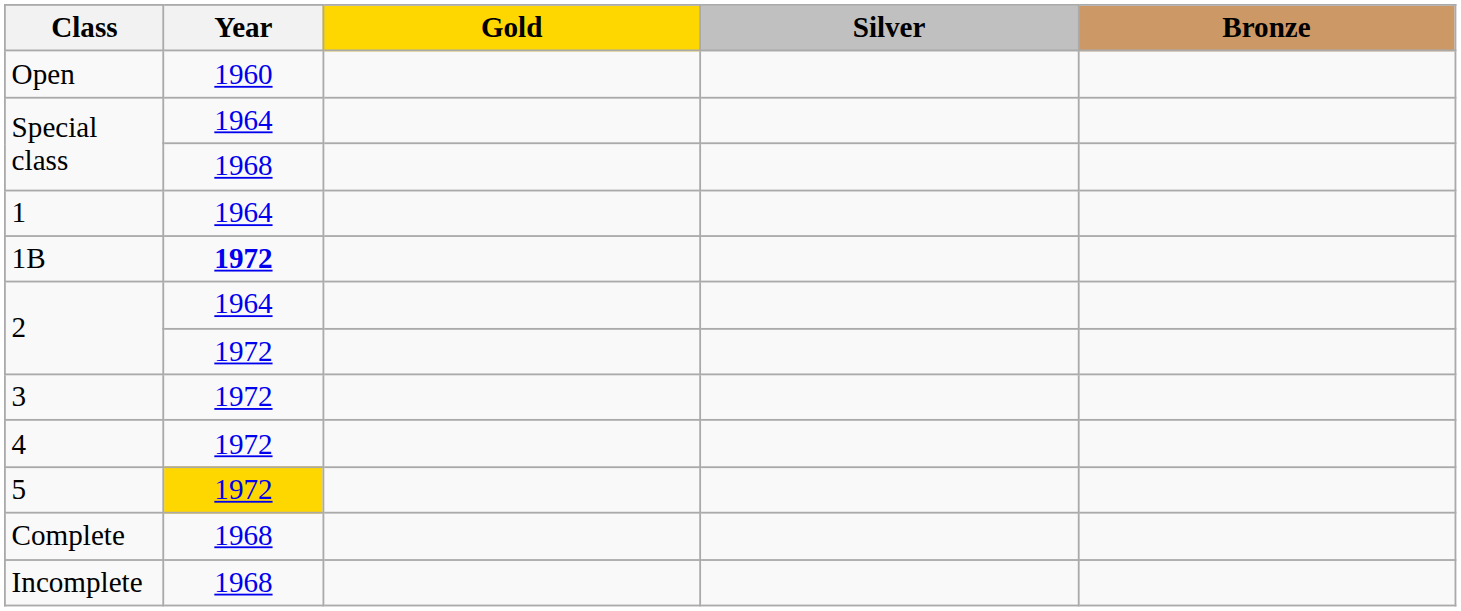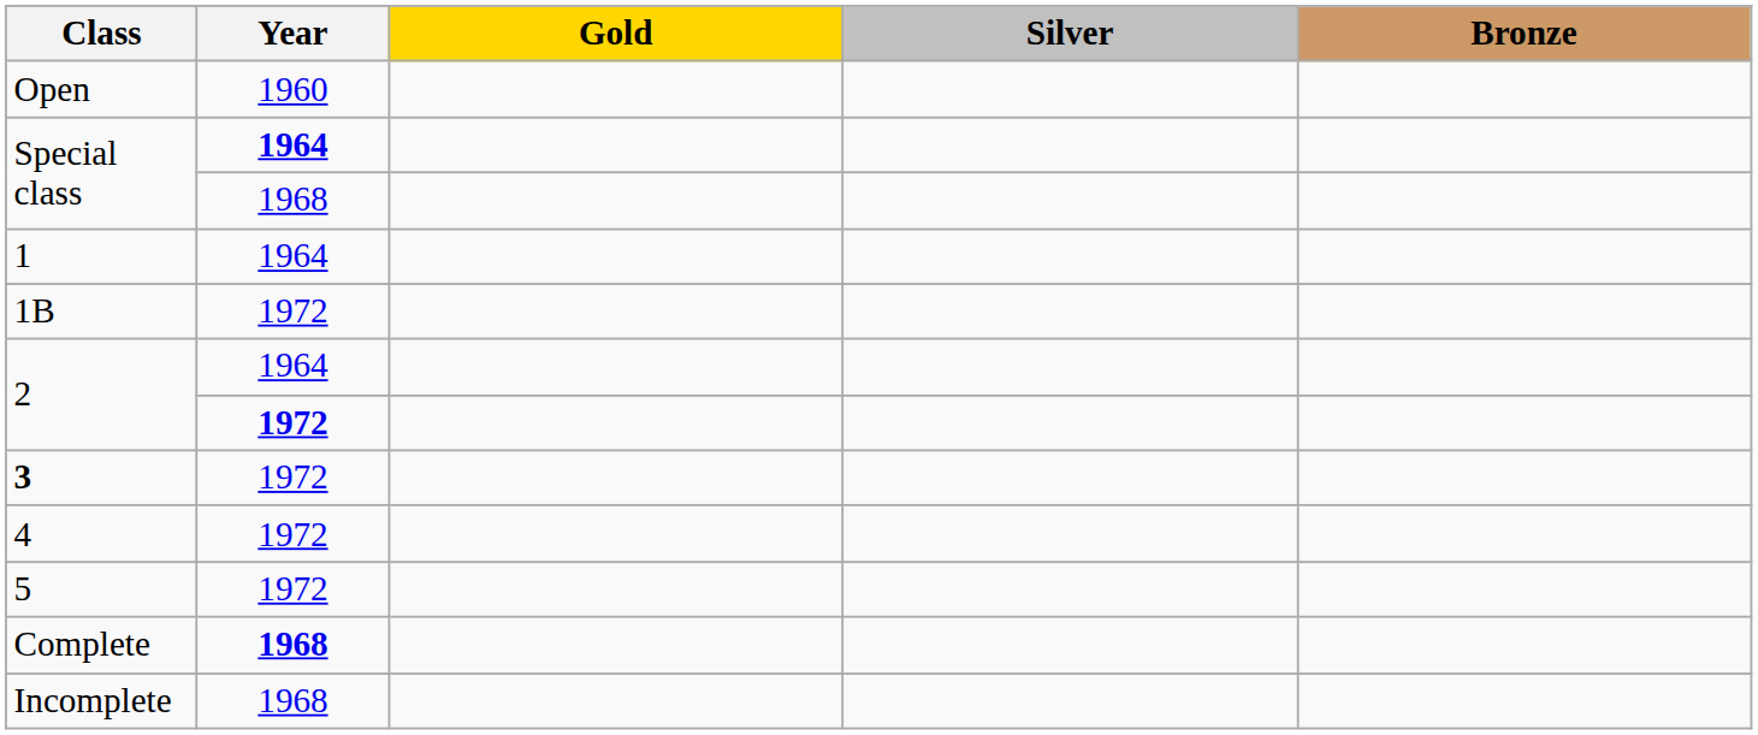 <table class="wikitable">
 <tr>
 <th width="80em">Class</th>
 <th width="80em">Year</th>
 <td width="200em" align=center bgcolor=gold><strong>Gold</strong></td>
 <td width="200em" align=center bgcolor=silver><strong>Silver</strong></td>
 <td width="200em" align=center bgcolor=cc9966><strong>Bronze</strong></td>
 </tr>
 <tr>
 <td>Open</td>
 <td align=center><a href='#'>1960</a></td>
 <td></td>
 <td></td>
 <td></td>
 </tr>
 <tr>
 <td rowspan=2>Special class</td>
-<td align=center><a href='#'>1964</a></td>
+<td align=center><strong><a href='#'>1964</a></strong></td>
 <td></td>
 <td></td>
 <td></td>
 </tr>
 <tr>
 <td align=center><a href='#'>1968</a></td>
 <td></td>
 <td></td>
 <td></td>
 </tr>
 <tr>
 <td>1</td>
 <td align=center><a href='#'>1964</a></td>
 <td></td>
 <td></td>
 <td></td>
 </tr>
 <tr>
 <td>1B</td>
-<td align=center><strong><a href='#'>1972</a></strong></td>
+<td align=center><a href='#'>1972</a></td>
 <td></td>
 <td></td>
 <td></td>
 </tr>
 <tr>
 <td rowspan=2>2</td>
 <td align=center><a href='#'>1964</a></td>
 <td></td>
 <td></td>
 <td></td>
 </tr>
 <tr>
-<td align=center><a href='#'>1972</a></td>
+<td align=center><strong><a href='#'>1972</a></strong></td>
 <td></td>
 <td></td>
 <td></td>
 </tr>
 <tr>
-<td>3</td>
+<td><strong>3</strong></td>
 <td align=center><a href='#'>1972</a></td>
 <td></td>
 <td></td>
 <td></td>
 </tr>
 <tr>
 <td>4</td>
 <td align=center><a href='#'>1972</a></td>
 <td></td>
 <td></td>
 <td></td>
 </tr>
 <tr>
 <td>5</td>
-<td align=center style="background: gold;"><a href='#'>1972</a></td>
+<td align=center><a href='#'>1972</a></td>
 <td></td>
 <td></td>
 <td></td>
 </tr>
 <tr>
 <td>Complete</td>
-<td align=center><a href='#'>1968</a></td>
+<td align=center><strong><a href='#'>1968</a></strong></td>
 <td></td>
 <td></td>
 <td></td>
 </tr>
 <tr>
 <td>Incomplete</td>
 <td align=center><a href='#'>1968</a></td>
 <td></td>
 <td></td>
 <td></td>
 </tr>
 </table>
